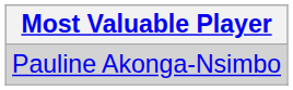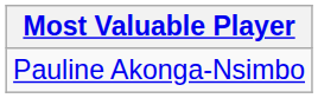 <table class=wikitable style="text-align:center; margin:auto">
 <tr>
 <th><a href='#'>Most Valuable Player</a></th>
 </tr>
 <tr>
-<td style="background: lightgrey;"> <a href='#'>Pauline Akonga-Nsimbo</a></td>
+<td> <a href='#'>Pauline Akonga-Nsimbo</a></td>
 </tr>
 </table>
